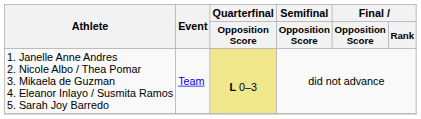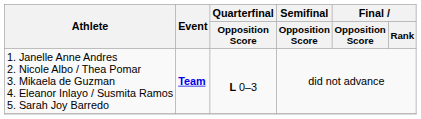 <table class="wikitable" style="font-size:90%">
 <tr>
 <th rowspan="2">Athlete</th>
 <th rowspan="2">Event</th>
 <th>Quarterfinal</th>
 <th>Semifinal</th>
 <th colspan=2>Final / </th>
 </tr>
 <tr style="font-size:90%", align="center">
 <th>Opposition<br>Score</th>
 <th>Opposition<br>Score</th>
 <th>Opposition<br>Score</th>
 <th>Rank</th>
 </tr>
 <tr align="center">
 <td align="left">1. Janelle Anne Andres <br> 2. Nicole Albo / Thea Pomar <br> 3. Mikaela de Guzman <br> 4. Eleanor Inlayo / Susmita Ramos <br> 5. Sarah Joy Barredo</td>
-<td align="left"><a href='#'> Team</a></td>
-<td style="background: khaki;"><br> <strong>L</strong> 0–3</td>
+<td align="left"><strong><a href='#'> Team</a></strong></td>
+<td><br> <strong>L</strong> 0–3</td>
 <td colspan="3">did not advance</td>
 </tr>
 <tr>
 </tr>
 </table>
